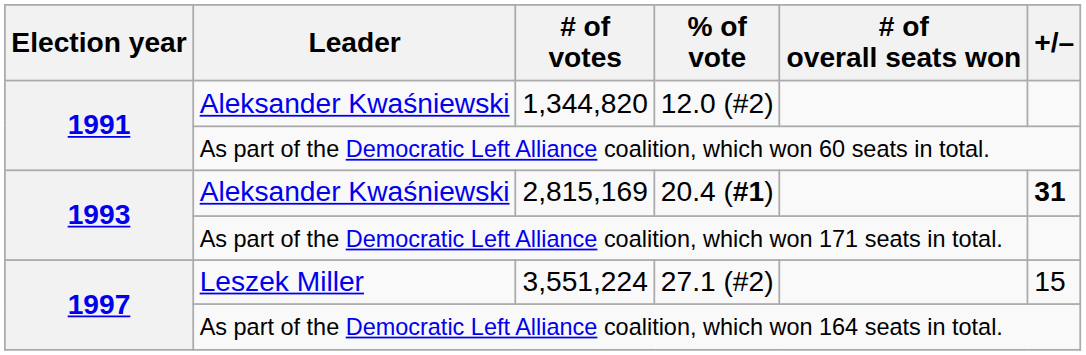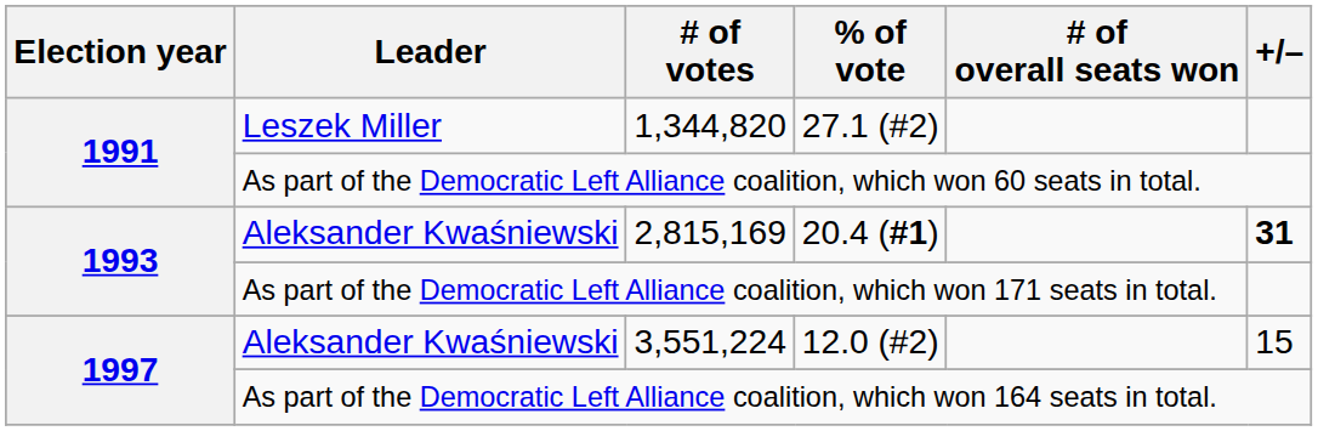 <table class="wikitable">
 <tr>
 <th>Election year</th>
 <th>Leader</th>
 <th># of<br>votes</th>
 <th>% of<br>vote</th>
 <th># of<br>overall seats won</th>
 <th>+/–</th>
 </tr>
 <tr>
 <th rowspan="2"><a href='#'>1991</a></th>
-<td><a href='#'>Aleksander Kwaśniewski</a></td>
+<td><a href='#'>Leszek Miller</a></td>
 <td>1,344,820</td>
-<td>12.0 (#2)</td>
+<td>27.1 (#2)</td>
 <td></td>
 <td></td>
 </tr>
 <tr>
 <td colspan="5"><small>As part of the <a href='#'>Democratic Left Alliance</a> coalition, which won 60 seats in total.</small></td>
 </tr>
 <tr>
 <th rowspan="2"><a href='#'>1993</a></th>
 <td><a href='#'>Aleksander Kwaśniewski</a></td>
 <td>2,815,169</td>
 <td>20.4 (<strong>#1</strong>)</td>
 <td></td>
 <td><strong> 31</strong></td>
 </tr>
 <tr>
 <td colspan="4"><small>As part of the <a href='#'>Democratic Left Alliance</a> coalition, which won 171 seats in total.</small></td>
 <td></td>
 </tr>
 <tr>
 <th rowspan="2"><a href='#'>1997</a></th>
-<td><a href='#'>Leszek Miller</a></td>
+<td><a href='#'>Aleksander Kwaśniewski</a></td>
 <td>3,551,224</td>
-<td>27.1 (#2)</td>
+<td>12.0 (#2)</td>
 <td></td>
 <td>15</td>
 </tr>
 <tr>
 <td colspan="5"><small>As part of the <a href='#'>Democratic Left Alliance</a> coalition, which won 164 seats in total.</small></td>
 </tr>
 </table>
